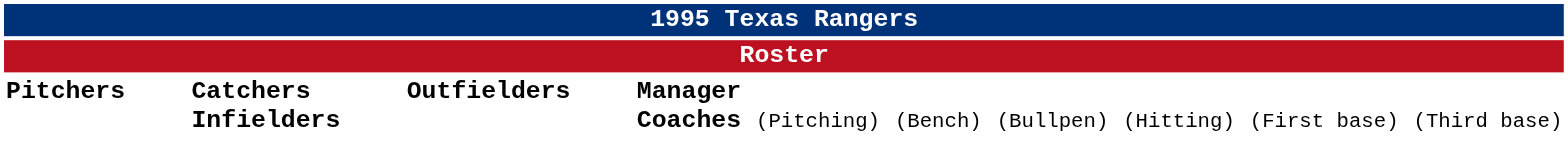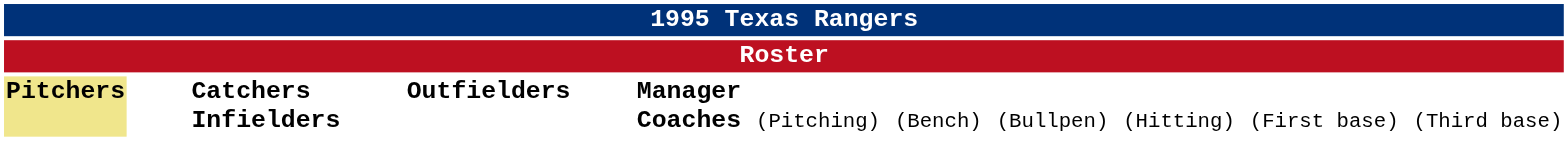 <table class="toccolours" style="font-size: 95%;">
 <tr>
 <th colspan="10" style="background-color: #003279; color: #FFFFFF; text-align: center;">1995 Texas Rangers</th>
 </tr>
 <tr>
 <td colspan="10" style="background-color: #bd1021; color: white; text-align: center;"><strong>Roster</strong></td>
 </tr>
 <tr>
-<td valign="top"><strong>Pitchers</strong><br>                     </td>
+<td valign="top" style="background: khaki;"><strong>Pitchers</strong><br>                     </td>
 <td width="25px"></td>
 <td valign="top"><strong>Catchers</strong><br>   <strong>Infielders</strong>          </td>
 <td width="25px"></td>
 <td valign="top"><strong>Outfielders</strong><br>          </td>
 <td width="25px"></td>
 <td valign="top"><strong>Manager</strong><br> <strong>Coaches</strong>  <small>(Pitching)</small>  <small>(Bench)</small>  <small>(Bullpen)</small>  <small>(Hitting)</small>  <small>(First base)</small>  <small>(Third base)</small></td>
 </tr>
 </table>
